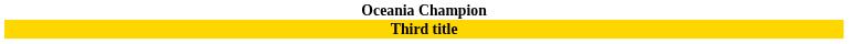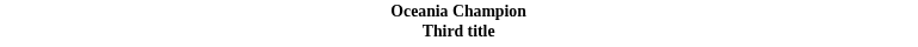 <table cellspacing=0 width=100% style="text-align:center; font-weight:bold;">
 <tr>
 <td></td>
 </tr>
 <tr>
 <td>Oceania Champion</td>
 </tr>
 <tr>
-<td style="background: gold;">Third title</td>
+<td>Third title</td>
 </tr>
 </table>
